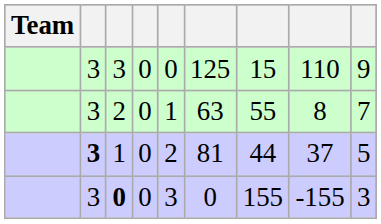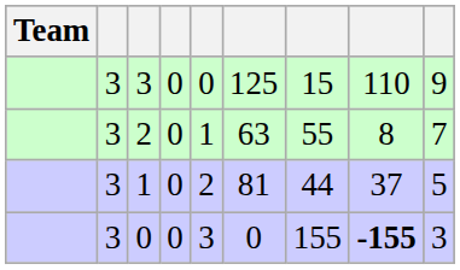 <table class="wikitable" style="text-align: center;">
 <tr>
 <th>Team</th>
 <th></th>
 <th></th>
 <th></th>
 <th></th>
 <th></th>
 <th></th>
 <th></th>
 <th></th>
 </tr>
 <tr bgcolor="ccffcc">
 <td align="left"></td>
 <td>3</td>
 <td>3</td>
 <td>0</td>
 <td>0</td>
 <td>125</td>
 <td>15</td>
 <td>110</td>
 <td>9</td>
 </tr>
 <tr bgcolor="ccffcc">
 <td align="left"></td>
 <td>3</td>
 <td>2</td>
 <td>0</td>
 <td>1</td>
 <td>63</td>
 <td>55</td>
 <td>8</td>
 <td>7</td>
 </tr>
 <tr bgcolor="ccccff">
 <td align="left"></td>
-<td><strong>3</strong></td>
+<td>3</td>
 <td>1</td>
 <td>0</td>
 <td>2</td>
 <td>81</td>
 <td>44</td>
 <td>37</td>
 <td>5</td>
 </tr>
 <tr bgcolor="ccccff">
 <td align="left"></td>
 <td>3</td>
-<td><strong>0</strong></td>
+<td>0</td>
 <td>0</td>
 <td>3</td>
 <td>0</td>
 <td>155</td>
-<td>-155</td>
+<td><strong>-155</strong></td>
 <td>3</td>
 </tr>
 </table>
